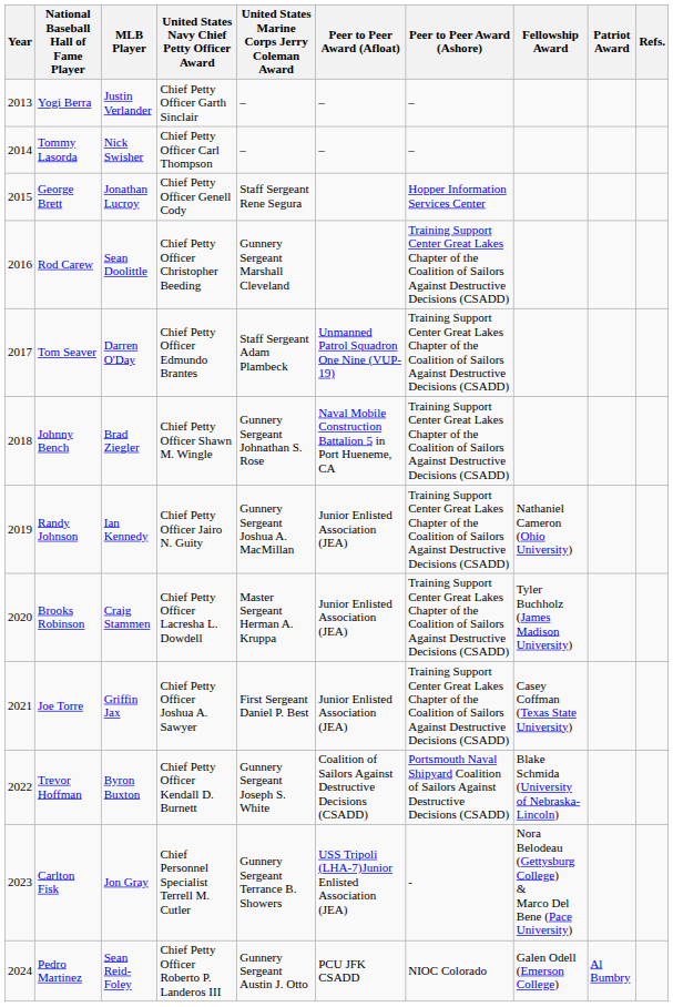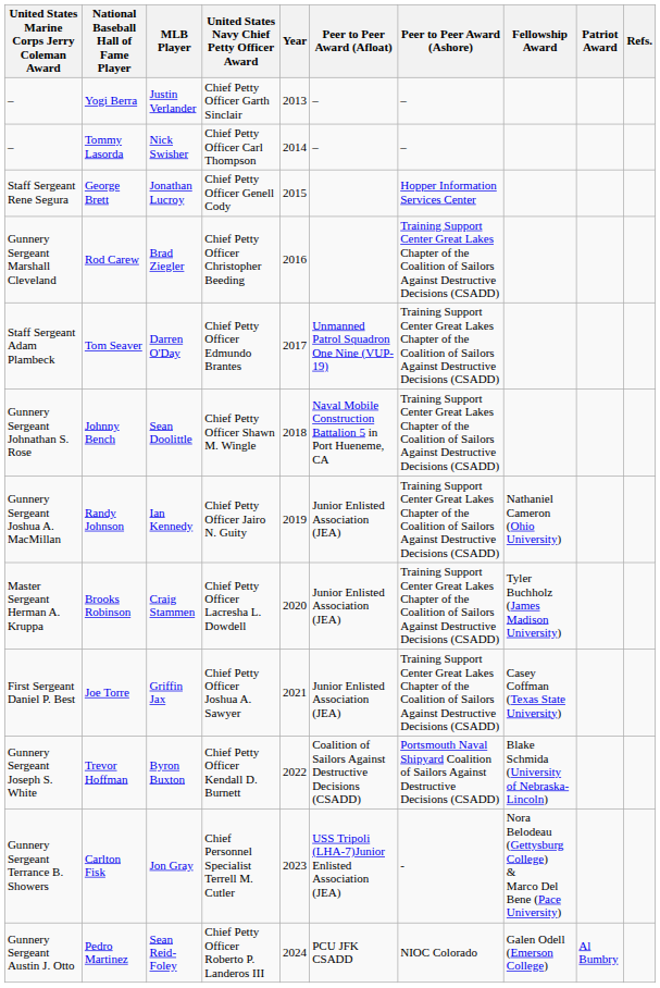 <table class="wikitable sortable">
 <tr>
-<th>Year</th>
+<th>United States Marine Corps Jerry Coleman Award</th>
 <th>National Baseball Hall of Fame Player</th>
 <th>MLB Player</th>
 <th>United States Navy Chief Petty Officer Award</th>
-<th>United States Marine Corps Jerry Coleman Award</th>
+<th>Year</th>
 <th>Peer to Peer Award (Afloat)</th>
 <th>Peer to Peer Award (Ashore)</th>
 <th>Fellowship Award</th>
 <th>Patriot Award</th>
 <th>Refs.</th>
 </tr>
 <tr>
-<td>2013</td>
+<td>–</td>
 <td><a href='#'>Yogi Berra</a></td>
 <td><a href='#'>Justin Verlander</a></td>
 <td>Chief Petty Officer Garth Sinclair</td>
-<td>–</td>
+<td>2013</td>
 <td>–</td>
 <td>–</td>
 <td></td>
 <td></td>
 <td></td>
 </tr>
 <tr>
-<td>2014</td>
+<td>–</td>
 <td><a href='#'>Tommy Lasorda</a></td>
 <td><a href='#'>Nick Swisher</a></td>
 <td>Chief Petty Officer Carl Thompson</td>
-<td>–</td>
+<td>2014</td>
 <td>–</td>
 <td>–</td>
 <td></td>
 <td></td>
 <td></td>
 </tr>
 <tr>
-<td>2015</td>
+<td>Staff Sergeant Rene Segura</td>
 <td><a href='#'>George Brett</a></td>
 <td><a href='#'>Jonathan Lucroy</a></td>
 <td>Chief Petty Officer Genell Cody</td>
-<td>Staff Sergeant Rene Segura</td>
+<td>2015</td>
 <td></td>
 <td><a href='#'>Hopper Information Services Center</a></td>
 <td></td>
 <td></td>
 <td><br></td>
 </tr>
 <tr>
+<td>Gunnery Sergeant Marshall Cleveland</td>
+<td><a href='#'>Rod Carew</a></td>
+<td><a href='#'>Brad Ziegler</a></td>
+<td>Chief Petty Officer Christopher Beeding</td>
 <td>2016</td>
-<td><a href='#'>Rod Carew</a></td>
-<td><a href='#'>Sean Doolittle</a></td>
-<td>Chief Petty Officer Christopher Beeding</td>
-<td>Gunnery Sergeant Marshall Cleveland</td>
 <td></td>
 <td><a href='#'>Training Support Center Great Lakes</a> Chapter of the Coalition of Sailors Against Destructive Decisions (CSADD)</td>
 <td></td>
 <td></td>
 <td></td>
 </tr>
 <tr>
-<td>2017</td>
+<td>Staff Sergeant Adam Plambeck</td>
 <td><a href='#'>Tom Seaver</a></td>
 <td><a href='#'>Darren O'Day</a></td>
 <td>Chief Petty Officer Edmundo Brantes</td>
-<td>Staff Sergeant Adam Plambeck</td>
+<td>2017</td>
 <td><a href='#'>Unmanned Patrol Squadron One Nine (VUP-19)</a></td>
 <td>Training Support Center Great Lakes Chapter of the Coalition of Sailors Against Destructive Decisions (CSADD)</td>
 <td></td>
 <td></td>
 <td></td>
 </tr>
 <tr>
+<td>Gunnery Sergeant Johnathan S. Rose</td>
+<td><a href='#'>Johnny Bench</a></td>
+<td><a href='#'>Sean Doolittle</a></td>
+<td>Chief Petty Officer Shawn M. Wingle</td>
 <td>2018</td>
-<td><a href='#'>Johnny Bench</a></td>
-<td><a href='#'>Brad Ziegler</a></td>
-<td>Chief Petty Officer Shawn M. Wingle</td>
-<td>Gunnery Sergeant Johnathan S. Rose</td>
 <td><a href='#'>Naval Mobile Construction Battalion 5</a> in Port Hueneme, CA</td>
 <td>Training Support Center Great Lakes Chapter of the Coalition of Sailors Against Destructive Decisions (CSADD)</td>
 <td></td>
 <td></td>
 <td></td>
 </tr>
 <tr>
-<td>2019</td>
+<td>Gunnery Sergeant Joshua A. MacMillan</td>
 <td><a href='#'>Randy Johnson</a></td>
 <td><a href='#'>Ian Kennedy</a></td>
 <td>Chief Petty Officer Jairo N. Guity</td>
-<td>Gunnery Sergeant Joshua A. MacMillan</td>
+<td>2019</td>
 <td> Junior Enlisted Association (JEA)</td>
 <td>Training Support Center Great Lakes Chapter of the Coalition of Sailors Against Destructive Decisions (CSADD)</td>
 <td>Nathaniel Cameron<br>(<a href='#'>Ohio University</a>)</td>
 <td></td>
 <td></td>
 </tr>
 <tr>
-<td>2020</td>
+<td>Master Sergeant Herman A. Kruppa</td>
 <td><a href='#'>Brooks Robinson</a></td>
 <td><a href='#'>Craig Stammen</a></td>
 <td>Chief Petty Officer Lacresha L. Dowdell</td>
-<td>Master Sergeant Herman A. Kruppa</td>
+<td>2020</td>
 <td> Junior Enlisted Association (JEA)</td>
 <td>Training Support Center Great Lakes Chapter of the Coalition of Sailors Against Destructive Decisions (CSADD)</td>
 <td>Tyler Buchholz<br>(<a href='#'>James Madison University</a>)</td>
 <td></td>
 <td></td>
 </tr>
 <tr>
-<td>2021</td>
+<td>First Sergeant<br>Daniel P. Best</td>
 <td><a href='#'>Joe Torre</a></td>
 <td><a href='#'>Griffin Jax</a></td>
 <td>Chief Petty Officer<br>Joshua A. Sawyer</td>
-<td>First Sergeant<br>Daniel P. Best</td>
+<td>2021</td>
 <td><br>Junior Enlisted Association (JEA)</td>
 <td>Training Support Center Great Lakes Chapter of the Coalition of Sailors Against Destructive Decisions (CSADD)</td>
 <td>Casey Coffman<br>(<a href='#'>Texas State University</a>)</td>
 <td></td>
 <td></td>
 </tr>
 <tr>
-<td>2022</td>
+<td>Gunnery Sergeant Joseph S. White</td>
 <td><a href='#'>Trevor Hoffman</a></td>
 <td><a href='#'>Byron Buxton</a></td>
 <td>Chief Petty Officer<br>Kendall D. Burnett</td>
-<td>Gunnery Sergeant Joseph S. White</td>
+<td>2022</td>
 <td> Coalition of Sailors Against Destructive Decisions (CSADD)</td>
 <td><a href='#'>Portsmouth Naval Shipyard</a> Coalition of Sailors Against Destructive Decisions (CSADD)</td>
 <td>Blake Schmida<br>(<a href='#'>University of Nebraska-Lincoln</a>)</td>
 <td></td>
 <td></td>
 </tr>
 <tr>
-<td>2023</td>
+<td>Gunnery Sergeant Terrance B. Showers</td>
 <td><a href='#'>Carlton Fisk</a></td>
 <td><a href='#'>Jon Gray</a></td>
 <td>Chief Personnel Specialist<br>Terrell M. Cutler</td>
-<td>Gunnery Sergeant Terrance B. Showers</td>
+<td>2023</td>
 <td><a href='#'>USS Tripoli (LHA-7)Junior</a> Enlisted Association<br>(JEA)</td>
 <td>-</td>
 <td>Nora Belodeau<br>(<a href='#'>Gettysburg College</a>)<br>&<br>Marco Del Bene (<a href='#'>Pace University</a>)</td>
 <td></td>
 <td></td>
 </tr>
 <tr>
-<td>2024</td>
+<td>Gunnery Sergeant<br>Austin J. Otto</td>
 <td><a href='#'>Pedro Martinez</a></td>
 <td><a href='#'>Sean Reid-Foley</a></td>
 <td>Chief Petty Officer<br>Roberto P. Landeros III</td>
-<td>Gunnery Sergeant<br>Austin J. Otto</td>
+<td>2024</td>
 <td>PCU JFK CSADD</td>
 <td>NIOC Colorado</td>
 <td>Galen Odell<br>(<a href='#'>Emerson College</a>)</td>
 <td><a href='#'>Al Bumbry</a></td>
 <td></td>
 </tr>
 </table>
